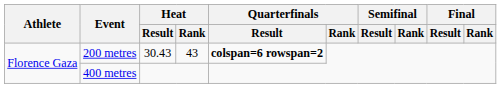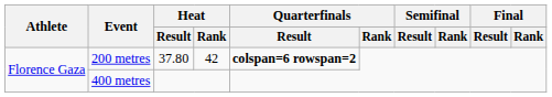 <table class=wikitable style=font-size:90%>
 <tr>
 <th rowspan=2>Athlete</th>
 <th rowspan=2>Event</th>
 <th colspan=2>Heat</th>
 <th colspan=2>Quarterfinals</th>
 <th colspan=2>Semifinal</th>
 <th colspan=2>Final</th>
 </tr>
 <tr style=font-size:95%>
 <th>Result</th>
 <th>Rank</th>
 <th>Result</th>
 <th>Rank</th>
 <th>Result</th>
 <th>Rank</th>
 <th>Result</th>
 <th>Rank</th>
 </tr>
 <tr align=center>
 <td align=left rowspan=2><a href='#'>Florence Gaza</a></td>
 <td align=left><a href='#'>200 metres</a></td>
-<td>30.43</td>
-<td>43</td>
+<td>37.80</td>
+<td>42</td>
 <td><strong>colspan=6 rowspan=2 </strong></td>
 </tr>
 <tr align=center>
 <td align=left><a href='#'>400 metres</a></td>
 <td colspan=2></td>
 </tr>
 </table>
